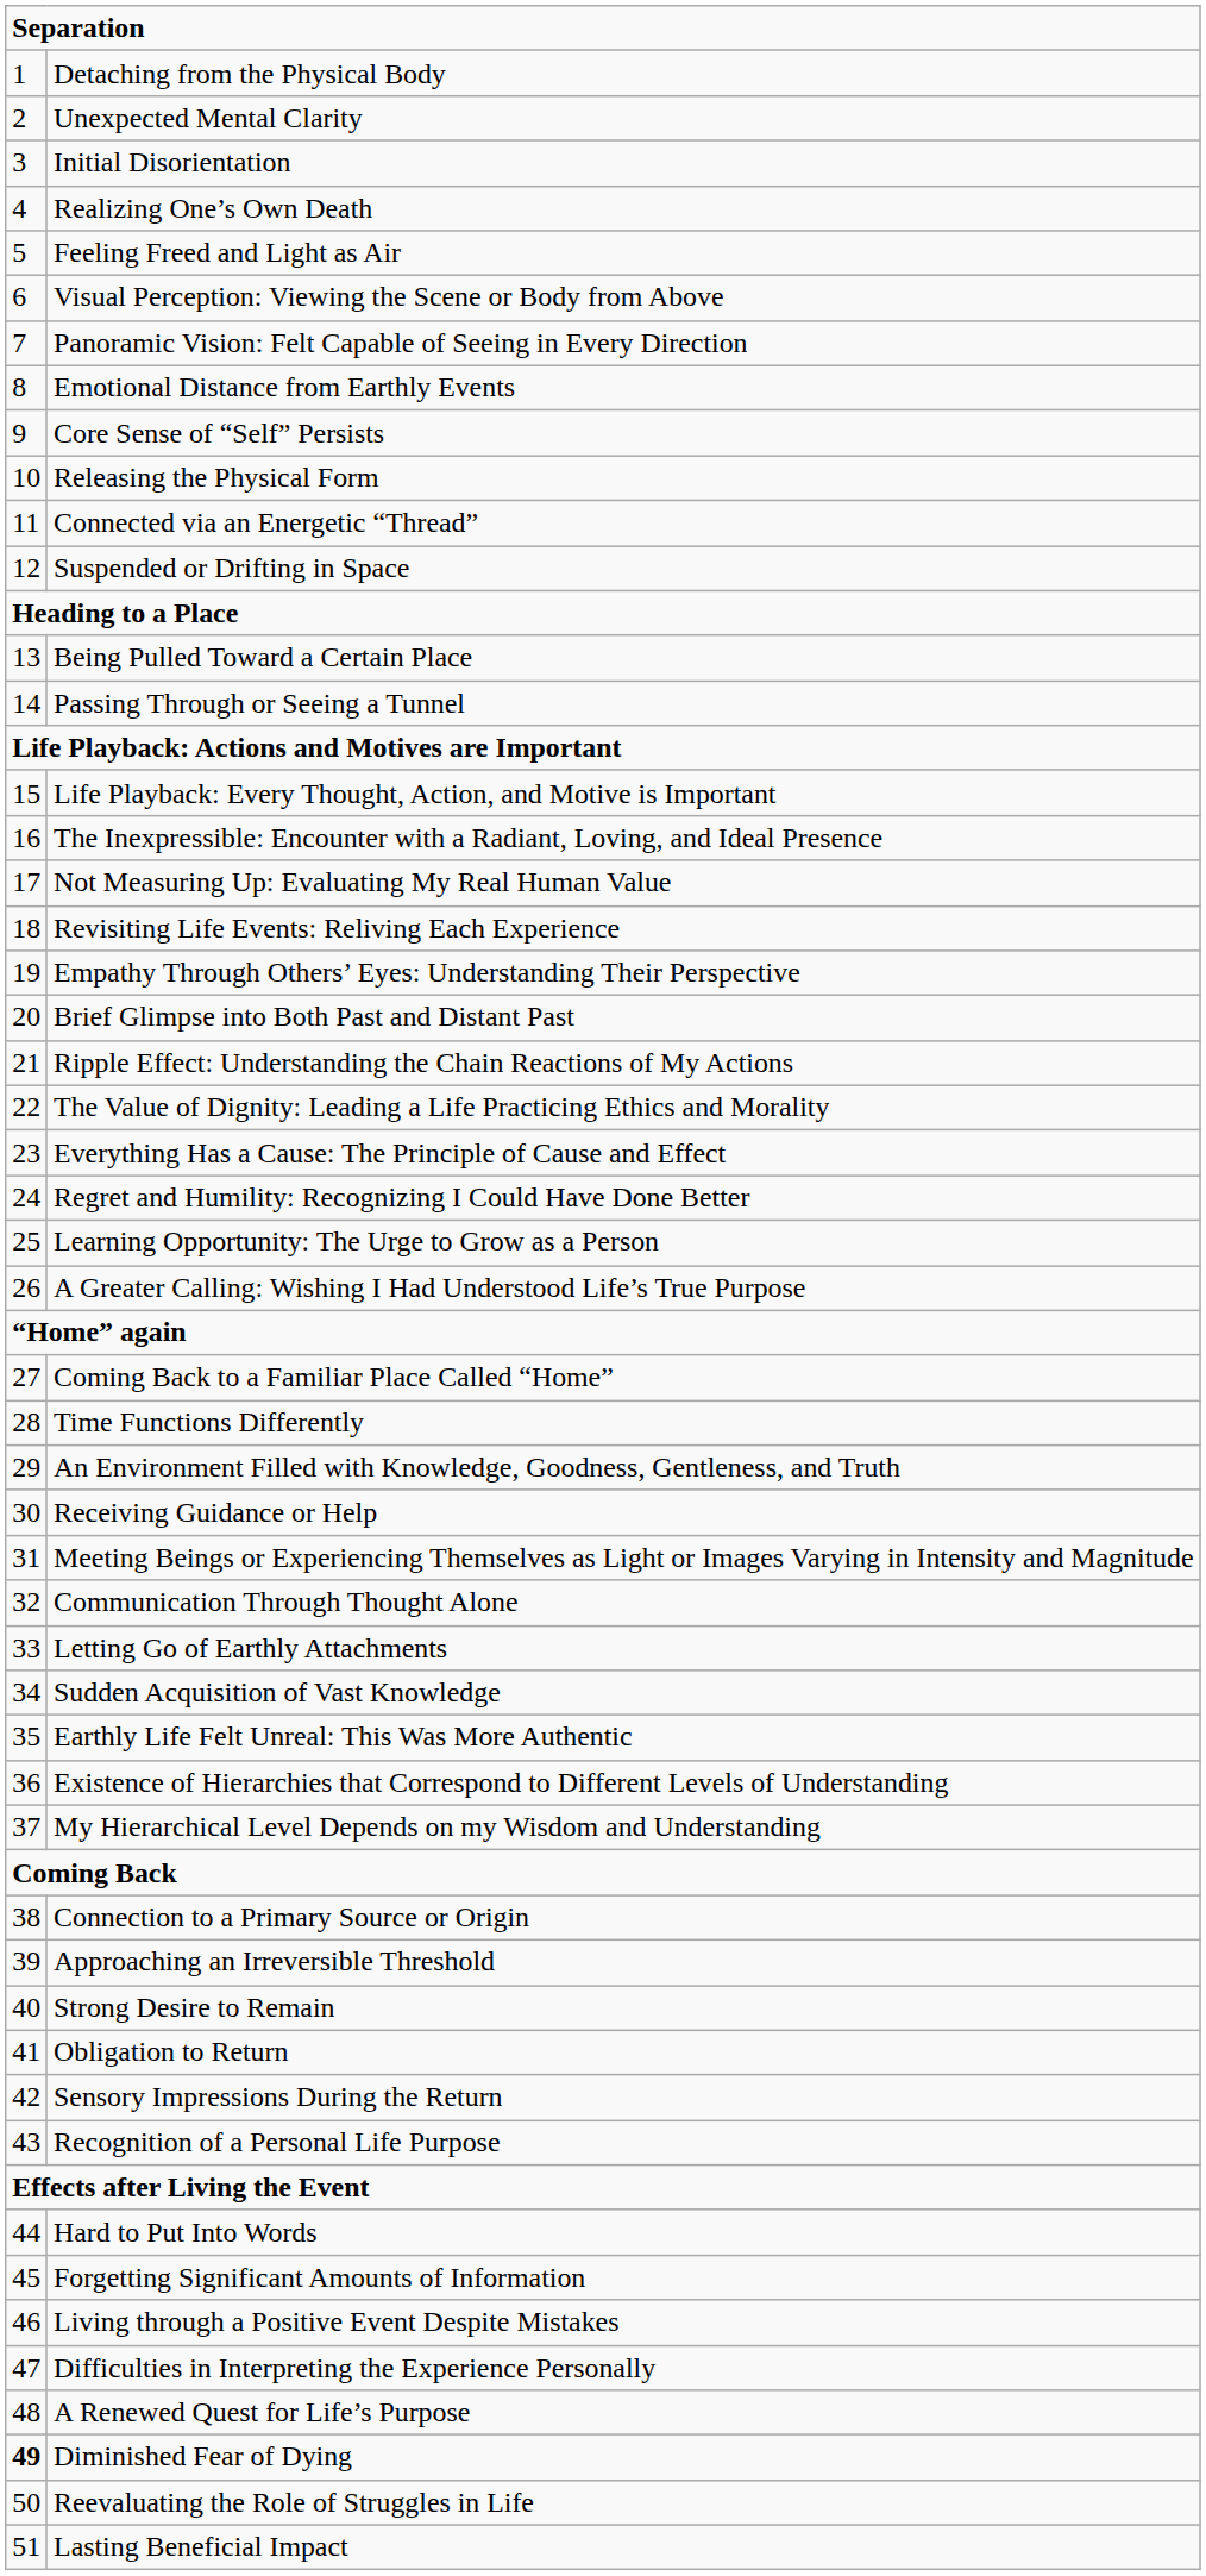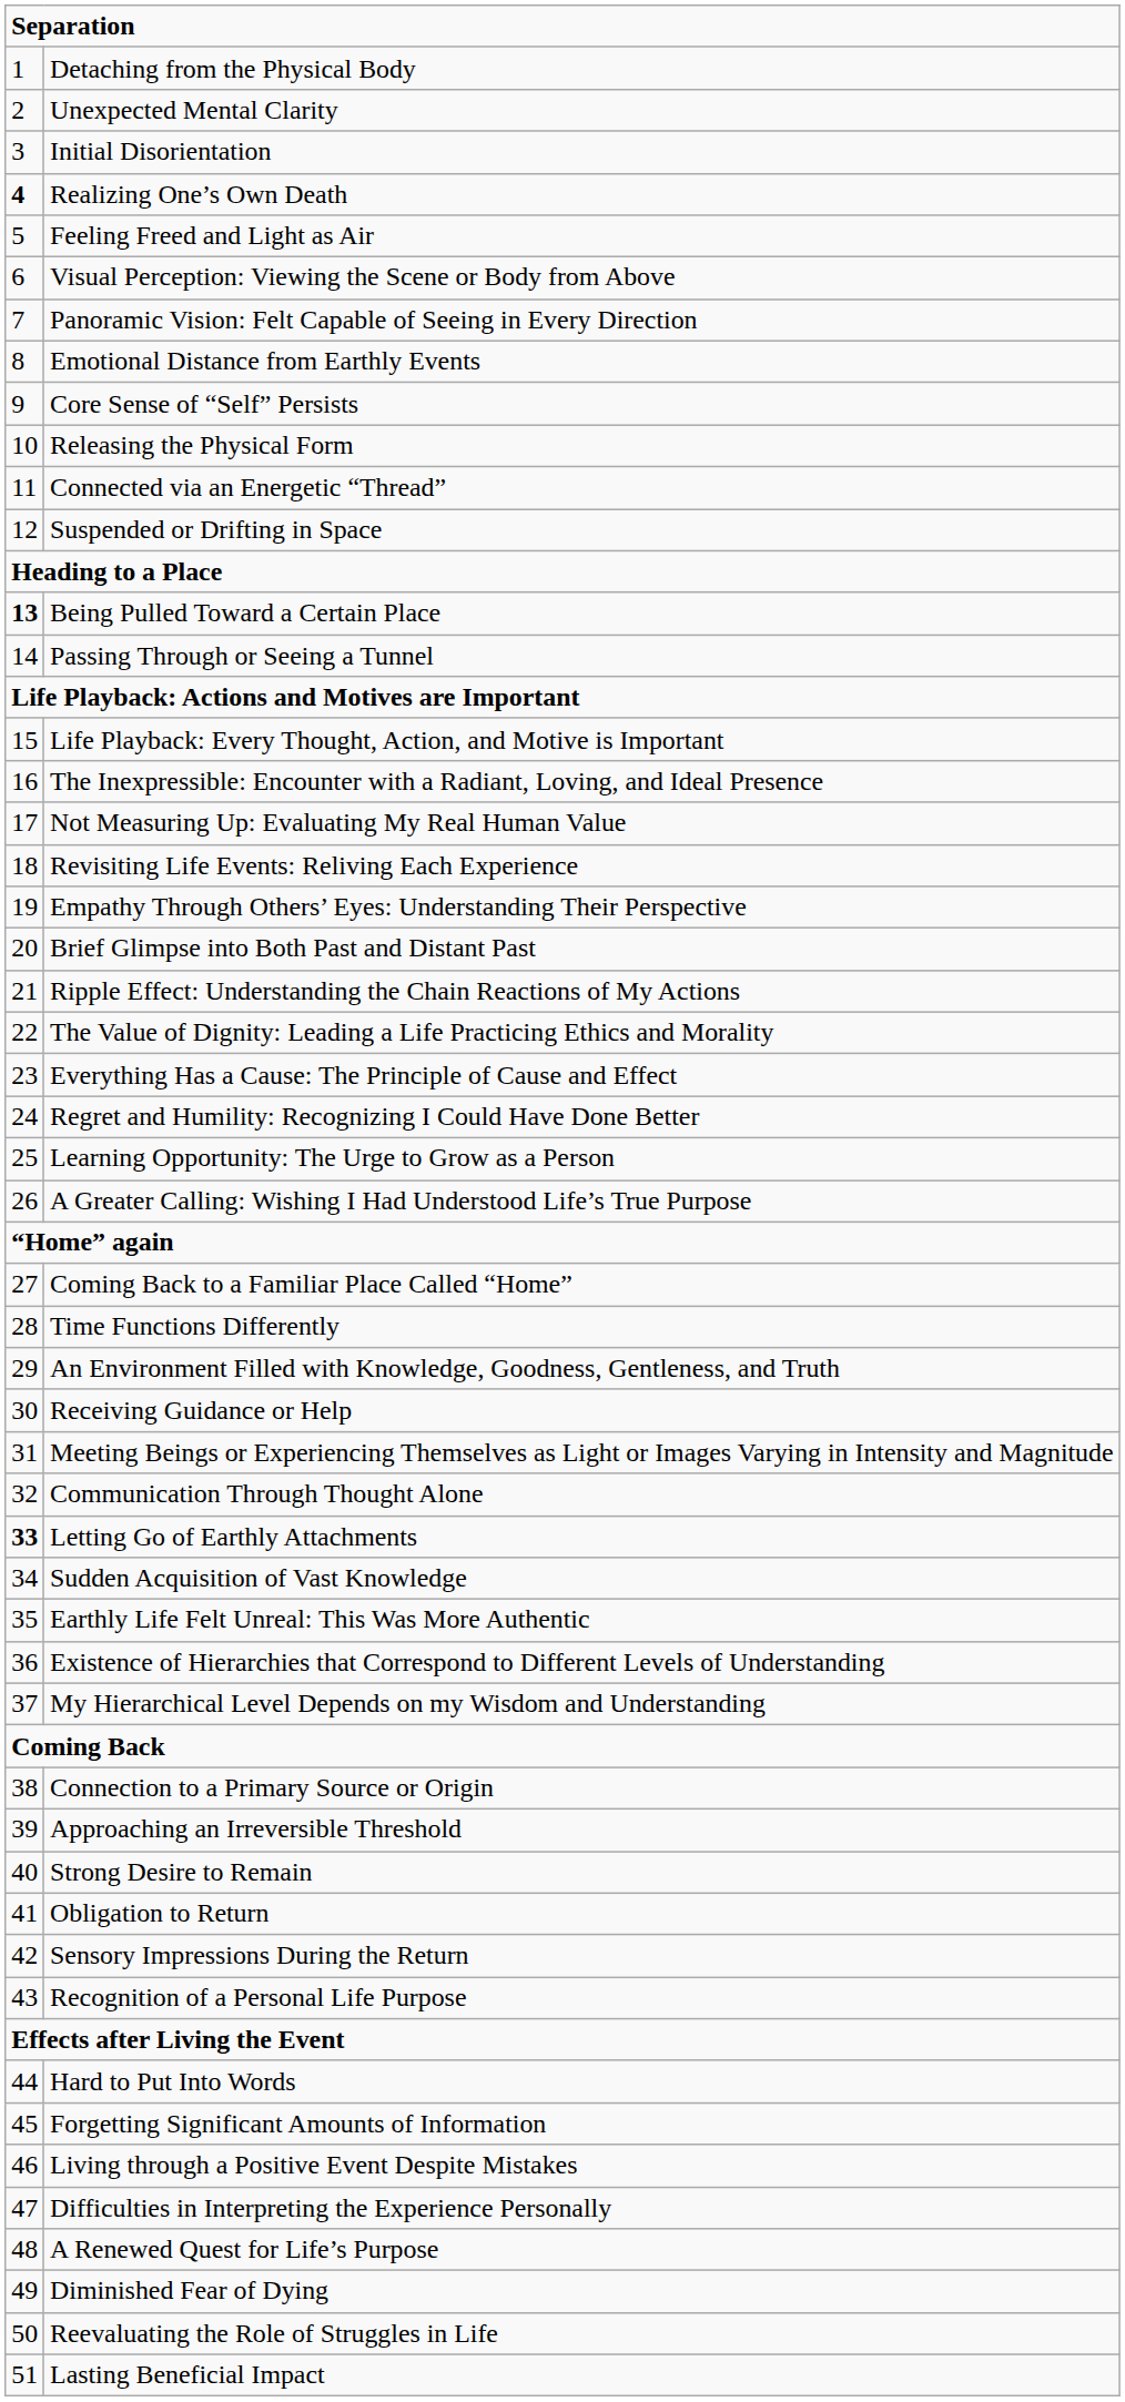 <table class="wikitable sortable">
 <tr>
 <td colspan="2" valign="top"><strong>Separation</strong></td>
 </tr>
 <tr>
 <td valign="top">1</td>
 <td valign="top">Detaching from the Physical Body</td>
 </tr>
 <tr>
 <td valign="top">2</td>
 <td valign="top">Unexpected Mental Clarity</td>
 </tr>
 <tr>
 <td valign="top">3</td>
 <td valign="top">Initial Disorientation</td>
 </tr>
 <tr>
-<td valign="top">4</td>
+<td valign="top"><strong>4</strong></td>
 <td valign="top">Realizing One’s Own Death</td>
 </tr>
 <tr>
 <td valign="top">5</td>
 <td valign="top">Feeling Freed and Light as Air</td>
 </tr>
 <tr>
 <td valign="top">6</td>
 <td valign="top">Visual Perception: Viewing the Scene or Body from Above</td>
 </tr>
 <tr>
 <td valign="top">7</td>
 <td valign="top">Panoramic Vision: Felt Capable of Seeing in Every Direction</td>
 </tr>
 <tr>
 <td valign="top">8</td>
 <td valign="top">Emotional Distance from Earthly Events</td>
 </tr>
 <tr>
 <td valign="top">9</td>
 <td valign="top">Core Sense of “Self” Persists</td>
 </tr>
 <tr>
 <td valign="top">10</td>
 <td valign="top">Releasing the Physical Form</td>
 </tr>
 <tr>
 <td valign="top">11</td>
 <td valign="top">Connected via an Energetic “Thread”</td>
 </tr>
 <tr>
 <td valign="top">12</td>
 <td valign="top">Suspended or Drifting in Space</td>
 </tr>
 <tr>
 <td colspan="2" valign="top"><strong>Heading to a Place</strong></td>
 </tr>
 <tr>
-<td valign="top">13</td>
+<td valign="top"><strong>13</strong></td>
 <td valign="top">Being Pulled Toward a Certain Place</td>
 </tr>
 <tr>
 <td valign="top">14</td>
 <td valign="top">Passing Through or Seeing a Tunnel</td>
 </tr>
 <tr>
 <td colspan="2" valign="top"><strong>Life Playback: Actions and Motives are Important</strong></td>
 </tr>
 <tr>
 <td valign="top">15</td>
 <td valign="top">Life Playback: Every Thought, Action, and Motive is Important</td>
 </tr>
 <tr>
 <td valign="top">16</td>
 <td valign="top">The Inexpressible: Encounter with a Radiant, Loving, and Ideal  Presence</td>
 </tr>
 <tr>
 <td valign="top">17</td>
 <td valign="top">Not Measuring Up: Evaluating My Real Human Value</td>
 </tr>
 <tr>
 <td valign="top">18</td>
 <td valign="top">Revisiting Life Events: Reliving Each Experience</td>
 </tr>
 <tr>
 <td valign="top">19</td>
 <td valign="top">Empathy Through Others’ Eyes: Understanding Their Perspective</td>
 </tr>
 <tr>
 <td valign="top">20</td>
 <td valign="top">Brief Glimpse into Both Past and  Distant Past</td>
 </tr>
 <tr>
 <td valign="top">21</td>
 <td valign="top">Ripple Effect: Understanding the Chain Reactions of My Actions</td>
 </tr>
 <tr>
 <td valign="top">22</td>
 <td valign="top">The Value of Dignity: Leading a  Life Practicing Ethics and Morality</td>
 </tr>
 <tr>
 <td valign="top">23</td>
 <td valign="top">Everything Has a Cause: The Principle of Cause and Effect</td>
 </tr>
 <tr>
 <td valign="top">24</td>
 <td valign="top">Regret and Humility: Recognizing I Could Have Done Better</td>
 </tr>
 <tr>
 <td valign="top">25</td>
 <td valign="top">Learning Opportunity: The Urge to Grow as a Person</td>
 </tr>
 <tr>
 <td valign="top">26</td>
 <td valign="top">A Greater Calling: Wishing I Had Understood Life’s True Purpose</td>
 </tr>
 <tr>
 <td colspan="2" valign="top"><strong>“Home” again</strong></td>
 </tr>
 <tr>
 <td valign="top">27</td>
 <td valign="top">Coming Back to a Familiar Place Called “Home”</td>
 </tr>
 <tr>
 <td valign="top">28</td>
 <td valign="top">Time Functions Differently</td>
 </tr>
 <tr>
 <td valign="top">29</td>
 <td valign="top">An Environment Filled with Knowledge, Goodness, Gentleness, and Truth</td>
 </tr>
 <tr>
 <td valign="top">30</td>
 <td valign="top">Receiving Guidance or Help</td>
 </tr>
 <tr>
 <td valign="top">31</td>
 <td valign="top">Meeting Beings or Experiencing Themselves  as Light or Images Varying in Intensity and  Magnitude</td>
 </tr>
 <tr>
 <td valign="top">32</td>
 <td valign="top">Communication Through Thought Alone</td>
 </tr>
 <tr>
-<td valign="top">33</td>
+<td valign="top"><strong>33</strong></td>
 <td valign="top">Letting Go of Earthly Attachments</td>
 </tr>
 <tr>
 <td valign="top">34</td>
 <td valign="top">Sudden Acquisition of Vast Knowledge</td>
 </tr>
 <tr>
 <td valign="top">35</td>
 <td valign="top">Earthly Life Felt Unreal: This Was More Authentic</td>
 </tr>
 <tr>
 <td valign="top">36</td>
 <td valign="top">Existence of Hierarchies that Correspond  to Different Levels of Understanding</td>
 </tr>
 <tr>
 <td valign="top">37</td>
 <td valign="top">My Hierarchical Level Depends on my  Wisdom and Understanding</td>
 </tr>
 <tr>
 <td colspan="2" valign="top"><strong>Coming Back</strong></td>
 </tr>
 <tr>
 <td valign="top">38</td>
 <td valign="top">Connection to a Primary Source or Origin</td>
 </tr>
 <tr>
 <td valign="top">39</td>
 <td valign="top">Approaching an Irreversible Threshold</td>
 </tr>
 <tr>
 <td valign="top">40</td>
 <td valign="top">Strong Desire to Remain</td>
 </tr>
 <tr>
 <td valign="top">41</td>
 <td valign="top">Obligation to Return</td>
 </tr>
 <tr>
 <td valign="top">42</td>
 <td valign="top">Sensory Impressions During the Return</td>
 </tr>
 <tr>
 <td valign="top">43</td>
 <td valign="top">Recognition of a Personal Life Purpose</td>
 </tr>
 <tr>
 <td colspan="2" valign="top"><strong>Effects after Living the Event</strong></td>
 </tr>
 <tr>
 <td valign="top">44</td>
 <td valign="top">Hard to Put Into Words</td>
 </tr>
 <tr>
 <td valign="top">45</td>
 <td valign="top">Forgetting Significant Amounts of Information</td>
 </tr>
 <tr>
 <td valign="top">46</td>
 <td valign="top">Living through a Positive  Event Despite Mistakes</td>
 </tr>
 <tr>
 <td valign="top">47</td>
 <td valign="top">Difficulties in Interpreting the Experience Personally</td>
 </tr>
 <tr>
 <td valign="top">48</td>
 <td valign="top">A Renewed Quest for Life’s Purpose</td>
 </tr>
 <tr>
-<td valign="top"><strong>49</strong></td>
+<td valign="top">49</td>
 <td valign="top">Diminished Fear of Dying</td>
 </tr>
 <tr>
 <td valign="top">50</td>
 <td valign="top">Reevaluating the Role of Struggles in Life</td>
 </tr>
 <tr>
 <td valign="top">51</td>
 <td valign="top">Lasting Beneficial Impact</td>
 </tr>
 </table>
